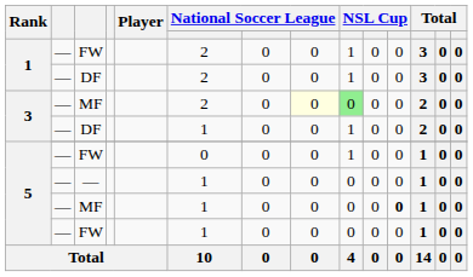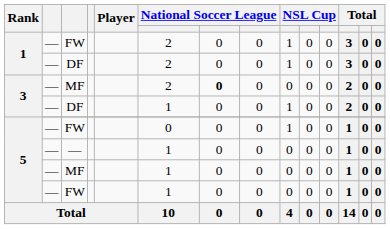 <table class="wikitable sortable" style="text-align:center">
 <tr>
 <th rowspan="2">Rank</th>
 <th rowspan="2"></th>
 <th rowspan="2"></th>
 <th rowspan="2"></th>
 <th rowspan="2">Player</th>
 <th colspan="3"><a href='#'>National Soccer League</a></th>
 <th colspan="3"><a href='#'>NSL Cup</a></th>
 <th colspan="3">Total</th>
 </tr>
 <tr>
 <th></th>
 <th></th>
 <th></th>
 <th></th>
 <th></th>
 <th></th>
 <th></th>
 <th></th>
 <th></th>
 </tr>
 <tr>
 <th rowspan="2">1</th>
 <td>—</td>
 <td>FW</td>
 <td></td>
 <td align="left"><br></td>
 <td>2</td>
 <td>0</td>
 <td>0<br></td>
 <td>1</td>
 <td>0</td>
 <td>0<br></td>
 <th>3</th>
 <th>0</th>
 <th>0</th>
 </tr>
 <tr>
 <td>—</td>
 <td>DF</td>
 <td></td>
 <td align="left"><br></td>
 <td>2</td>
 <td>0</td>
 <td>0<br></td>
 <td>1</td>
 <td>0</td>
 <td>0<br></td>
 <th>3</th>
 <th>0</th>
 <th>0</th>
 </tr>
 <tr>
 <th rowspan="2">3</th>
 <td>—</td>
 <td>MF</td>
 <td></td>
 <td align="left"><br></td>
 <td>2</td>
+<td><strong>0</strong></td>
+<td>0<br></td>
 <td>0</td>
-<td style="background: lightyellow;">0<br></td>
-<td style="background: lightgreen;">0</td>
 <td>0</td>
 <td>0<br></td>
 <th>2</th>
 <th>0</th>
 <th>0</th>
 </tr>
 <tr>
 <td>—</td>
 <td>DF</td>
 <td></td>
 <td align="left"><br></td>
 <td>1</td>
 <td>0</td>
 <td>0<br></td>
 <td>1</td>
 <td>0</td>
 <td>0<br></td>
 <th>2</th>
 <th>0</th>
 <th>0</th>
 </tr>
 <tr>
 <th rowspan="5">5</th>
 </tr>
 <tr>
 <td>—</td>
 <td>FW</td>
 <td></td>
 <td align="left"><br></td>
 <td>0</td>
 <td>0</td>
 <td>0<br></td>
 <td>1</td>
 <td>0</td>
 <td>0<br></td>
 <th>1</th>
 <th>0</th>
 <th>0</th>
 </tr>
 <tr>
 <td>—</td>
 <td>—</td>
 <td></td>
 <td align="left"><br></td>
 <td>1</td>
 <td>0</td>
 <td>0<br></td>
 <td>0</td>
 <td>0</td>
 <td>0<br></td>
 <th>1</th>
 <th>0</th>
 <th>0</th>
 </tr>
 <tr>
 <td>—</td>
 <td>MF</td>
 <td></td>
 <td align="left"><br></td>
 <td>1</td>
 <td>0</td>
 <td>0<br></td>
 <td>0</td>
 <td>0</td>
-<td><strong>0<br></strong></td>
+<td>0<br></td>
 <th>1</th>
 <th>0</th>
 <th>0</th>
 </tr>
 <tr>
 <td>—</td>
 <td>FW</td>
 <td></td>
 <td align="left"><br></td>
 <td>1</td>
 <td>0</td>
 <td>0<br></td>
 <td>0</td>
 <td>0</td>
 <td>0<br></td>
 <th>1</th>
 <th>0</th>
 <th>0</th>
 </tr>
 <tr>
 <th colspan="5">Total<br></th>
 <th>10</th>
 <th>0</th>
 <th>0<br></th>
 <th>4</th>
 <th>0</th>
 <th>0<br></th>
 <th>14</th>
 <th>0</th>
 <th>0</th>
 </tr>
 </table>
